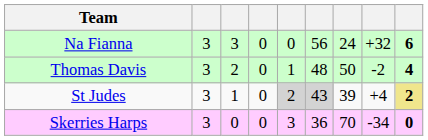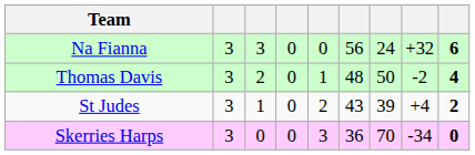 <table class="wikitable" style="text-align:center">
 <tr>
 <th style="width:175px;">Team</th>
 <th width="20"></th>
 <th width="20"></th>
 <th width="20"></th>
 <th width="20"></th>
 <th width="20"></th>
 <th width="20"></th>
 <th width="20"></th>
 <th width="20"></th>
 </tr>
 <tr style="background:#cfc;">
 <td><a href='#'>Na Fianna</a></td>
 <td>3</td>
 <td>3</td>
 <td>0</td>
 <td>0</td>
 <td>56</td>
 <td>24</td>
 <td>+32</td>
 <td><strong>6</strong></td>
 </tr>
 <tr style="background:#cfc;">
 <td><a href='#'>Thomas Davis</a></td>
 <td>3</td>
 <td>2</td>
 <td>0</td>
 <td>1</td>
 <td>48</td>
 <td>50</td>
 <td>-2</td>
 <td><strong>4</strong></td>
 </tr>
 <tr>
 <td><a href='#'>St Judes</a></td>
 <td>3</td>
 <td>1</td>
 <td>0</td>
-<td style="background: lightgrey;">2</td>
-<td style="background: lightgrey;">43</td>
+<td>2</td>
+<td>43</td>
 <td>39</td>
 <td>+4</td>
-<td style="background: khaki;"><strong>2</strong></td>
+<td><strong>2</strong></td>
 </tr>
 <tr style="background:#fcf;">
 <td><a href='#'>Skerries Harps</a></td>
 <td>3</td>
 <td>0</td>
 <td>0</td>
 <td>3</td>
 <td>36</td>
 <td>70</td>
 <td>-34</td>
 <td><strong>0</strong></td>
 </tr>
 </table>
